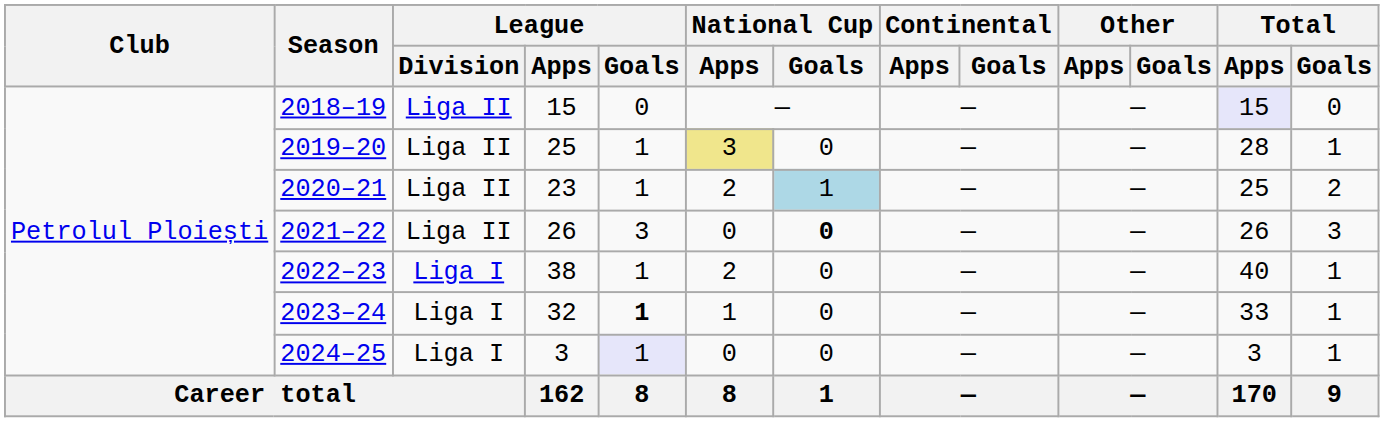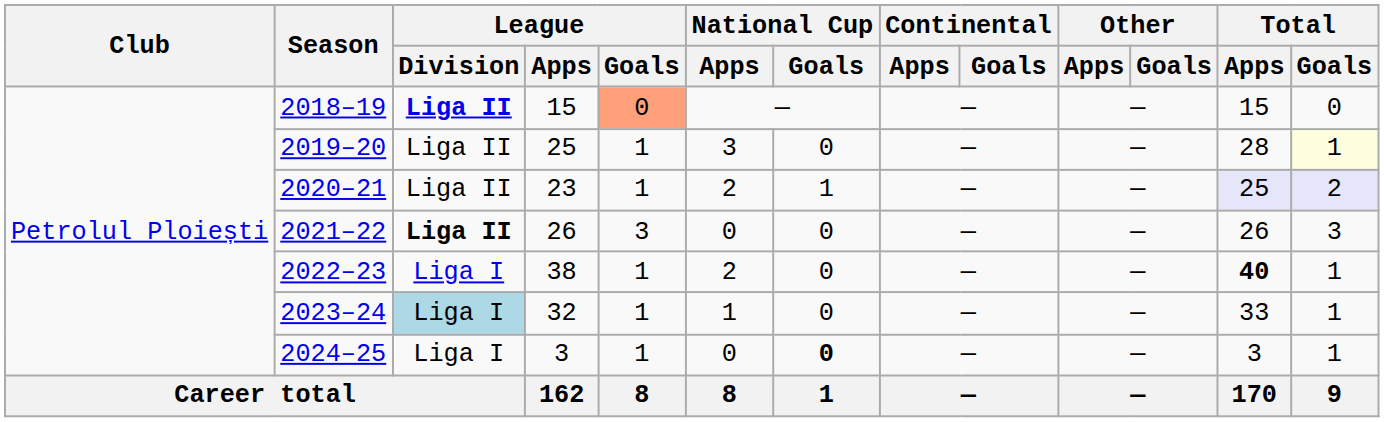 <table class="wikitable" style="text-align:center">
 <tr>
 <th rowspan="2">Club</th>
 <th rowspan="2">Season</th>
 <th colspan="3">League</th>
 <th colspan="2">National Cup</th>
 <th colspan="2">Continental</th>
 <th colspan="2">Other</th>
 <th colspan="3">Total</th>
 </tr>
 <tr>
 <th>Division</th>
 <th>Apps</th>
 <th>Goals</th>
 <th>Apps</th>
 <th>Goals</th>
 <th>Apps</th>
 <th>Goals</th>
 <th>Apps</th>
 <th>Goals</th>
 <th>Apps</th>
 <th>Goals</th>
 </tr>
 <tr>
 <td rowspan="7"><a href='#'>Petrolul Ploiești</a></td>
 <td><a href='#'>2018–19</a></td>
-<td><a href='#'>Liga II</a></td>
+<td><strong><a href='#'>Liga II</a></strong></td>
 <td>15</td>
-<td>0</td>
+<td style="background: lightsalmon;">0</td>
 <td rowspan=1 colspan="2">—</td>
 <td rowspan=1 colspan="2">—</td>
 <td rowspan=1 colspan="2">—</td>
-<td style="background: lavender;">15</td>
+<td>15</td>
 <td>0</td>
 </tr>
 <tr>
 <td><a href='#'>2019–20</a></td>
 <td>Liga II</td>
 <td>25</td>
 <td>1</td>
-<td style="background: khaki;">3</td>
+<td>3</td>
 <td>0</td>
 <td rowspan=1 colspan="2">—</td>
 <td rowspan=1 colspan="2">—</td>
 <td>28</td>
-<td>1</td>
+<td style="background: lightyellow;">1</td>
 </tr>
 <tr>
 <td><a href='#'>2020–21</a></td>
 <td>Liga II</td>
 <td>23</td>
 <td>1</td>
 <td>2</td>
-<td style="background: lightblue;">1</td>
+<td>1</td>
 <td rowspan=1 colspan="2">—</td>
 <td rowspan=1 colspan="2">—</td>
-<td>25</td>
-<td>2</td>
+<td style="background: lavender;">25</td>
+<td style="background: lavender;">2</td>
 </tr>
 <tr>
 <td><a href='#'>2021–22</a></td>
-<td>Liga II</td>
+<td><strong>Liga II</strong></td>
 <td>26</td>
 <td>3</td>
 <td>0</td>
-<td><strong>0</strong></td>
+<td>0</td>
 <td rowspan=1 colspan="2">—</td>
 <td rowspan=1 colspan="2">—</td>
 <td>26</td>
 <td>3</td>
 </tr>
 <tr>
 <td><a href='#'>2022–23</a></td>
 <td><a href='#'>Liga I</a></td>
 <td>38</td>
 <td>1</td>
 <td>2</td>
 <td>0</td>
 <td colspan="2">—</td>
 <td colspan="2">—</td>
-<td>40</td>
+<td><strong>40</strong></td>
 <td>1</td>
 </tr>
 <tr>
 <td><a href='#'>2023–24</a></td>
-<td>Liga I</td>
+<td style="background: lightblue;">Liga I</td>
 <td>32</td>
-<td><strong>1</strong></td>
+<td>1</td>
 <td>1</td>
 <td>0</td>
 <td colspan="2">—</td>
 <td colspan="2">—</td>
 <td>33</td>
 <td>1</td>
 </tr>
 <tr>
 <td><a href='#'>2024–25</a></td>
 <td>Liga I</td>
 <td>3</td>
-<td style="background: lavender;">1</td>
+<td>1</td>
 <td>0</td>
-<td>0</td>
+<td><strong>0</strong></td>
 <td colspan="2">—</td>
 <td colspan="2">—</td>
 <td>3</td>
 <td>1</td>
 </tr>
 <tr>
 <th colspan="3">Career total</th>
 <th>162</th>
 <th>8</th>
 <th>8</th>
 <th>1</th>
 <th colspan="2">—</th>
 <th colspan="2">—</th>
 <th>170</th>
 <th>9</th>
 </tr>
 </table>
